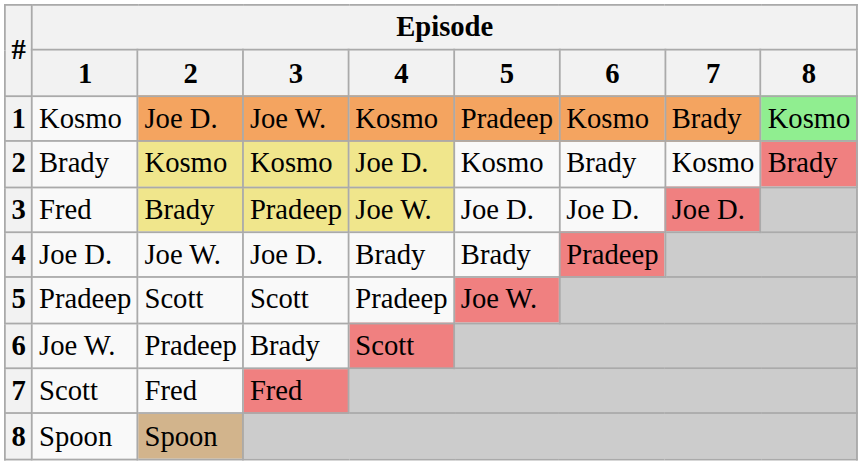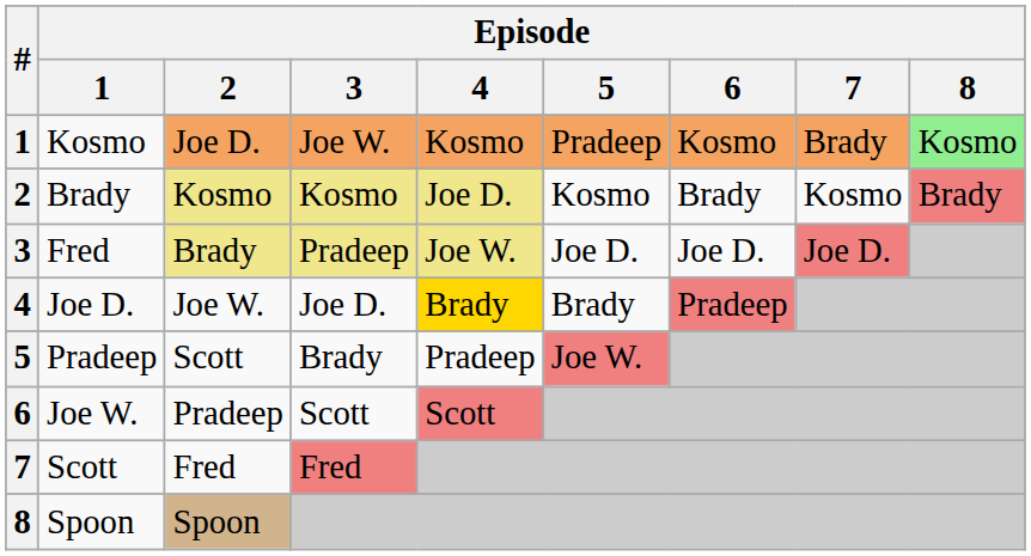 <table class="wikitable">
 <tr>
 <th rowspan=2>#</th>
 <th colspan=8>Episode</th>
 </tr>
 <tr>
 <th>1</th>
 <th>2</th>
 <th>3</th>
 <th>4</th>
 <th>5</th>
 <th>6</th>
 <th>7</th>
 <th>8</th>
 </tr>
 <tr>
 <th>1</th>
 <td>Kosmo</td>
 <td bgcolor="sandybrown">Joe D.</td>
 <td bgcolor="sandybrown">Joe W.</td>
 <td bgcolor="sandybrown">Kosmo</td>
 <td bgcolor="sandybrown">Pradeep</td>
 <td bgcolor="sandybrown">Kosmo</td>
 <td bgcolor="sandybrown">Brady</td>
 <td bgcolor="lightgreen">Kosmo</td>
 </tr>
 <tr>
 <th>2</th>
 <td>Brady</td>
 <td bgcolor="khaki">Kosmo</td>
 <td bgcolor="khaki">Kosmo</td>
 <td bgcolor="khaki">Joe D.</td>
 <td>Kosmo</td>
 <td>Brady</td>
 <td>Kosmo</td>
 <td bgcolor="lightcoral">Brady</td>
 </tr>
 <tr>
 <th>3</th>
 <td>Fred</td>
 <td bgcolor="khaki">Brady</td>
 <td bgcolor="khaki">Pradeep</td>
 <td bgcolor="khaki">Joe W.</td>
 <td>Joe D.</td>
 <td>Joe D.</td>
 <td bgcolor="lightcoral">Joe D.</td>
 <td bgcolor="#CCCCCC"></td>
 </tr>
 <tr>
 <th>4</th>
 <td>Joe D.</td>
 <td>Joe W.</td>
 <td>Joe D.</td>
-<td>Brady</td>
+<td style="background: gold;">Brady</td>
 <td>Brady</td>
 <td bgcolor="lightcoral">Pradeep</td>
 <td bgcolor="#CCCCCC" colspan=2></td>
 </tr>
 <tr>
 <th>5</th>
 <td>Pradeep</td>
 <td>Scott</td>
-<td>Scott</td>
+<td>Brady</td>
 <td>Pradeep</td>
 <td bgcolor="lightcoral">Joe W.</td>
 <td bgcolor="#CCCCCC" colspan=3></td>
 </tr>
 <tr>
 <th>6</th>
 <td>Joe W.</td>
 <td>Pradeep</td>
-<td>Brady</td>
+<td>Scott</td>
 <td bgcolor="lightcoral">Scott</td>
 <td bgcolor="#CCCCCC" colspan=4></td>
 </tr>
 <tr>
 <th>7</th>
 <td>Scott</td>
 <td>Fred</td>
 <td bgcolor="lightcoral">Fred</td>
 <td bgcolor="#CCCCCC" colspan=5></td>
 </tr>
 <tr>
 <th>8</th>
 <td>Spoon</td>
 <td bgcolor="tan">Spoon</td>
 <td bgcolor="#CCCCCC" colspan=6></td>
 </tr>
 </table>
